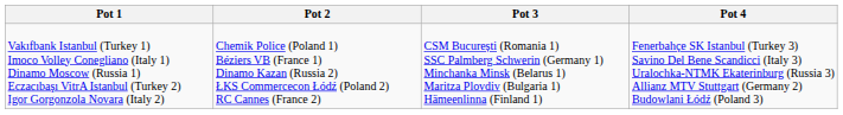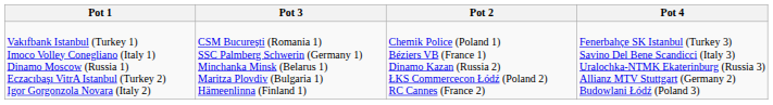 <table class="wikitable">
 <tr>
 <th width=25%>Pot 1</th>
+<th width=25%>Pot 3</th>
 <th width=25%>Pot 2</th>
-<th width=25%>Pot 3</th>
 <th width=25%>Pot 4</th>
 </tr>
 <tr>
 <td><br> <a href='#'>Vakıfbank Istanbul</a> (Turkey 1)<br>  <a href='#'>Imoco Volley Conegliano</a> (Italy 1)<br>  <a href='#'>Dinamo Moscow</a> (Russia 1)<br>  <a href='#'>Eczacıbaşı VitrA Istanbul</a> (Turkey 2)<br>  <a href='#'>Igor Gorgonzola Novara</a> (Italy 2)</td>
+<td><br> <a href='#'>CSM București</a> (Romania 1)<br>  <a href='#'>SSC Palmberg Schwerin</a> (Germany 1)<br>  <a href='#'>Minchanka Minsk</a> (Belarus 1)<br>  <a href='#'>Maritza Plovdiv</a> (Bulgaria 1)<br>  <a href='#'>Hämeenlinna</a> (Finland 1)</td>
 <td><br> <a href='#'>Chemik Police</a> (Poland 1)<br>  <a href='#'>Béziers VB</a> (France 1)<br>  <a href='#'>Dinamo Kazan</a> (Russia 2)<br>  <a href='#'>ŁKS Commercecon Łódź</a> (Poland 2)<br>  <a href='#'>RC Cannes</a> (France 2)</td>
-<td><br> <a href='#'>CSM București</a> (Romania 1)<br>  <a href='#'>SSC Palmberg Schwerin</a> (Germany 1)<br>  <a href='#'>Minchanka Minsk</a> (Belarus 1)<br>  <a href='#'>Maritza Plovdiv</a> (Bulgaria 1)<br>  <a href='#'>Hämeenlinna</a> (Finland 1)</td>
 <td><br> <a href='#'>Fenerbahçe SK Istanbul</a> (Turkey 3)<br>  <a href='#'>Savino Del Bene Scandicci</a> (Italy 3)<br>  <a href='#'>Uralochka-NTMK Ekaterinburg</a> (Russia 3)<br>  <a href='#'>Allianz MTV Stuttgart</a> (Germany 2)<br>  <a href='#'>Budowlani Łódź</a> (Poland 3)</td>
 </tr>
 </table>
